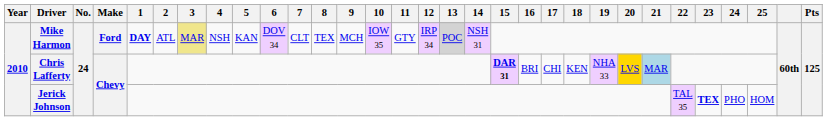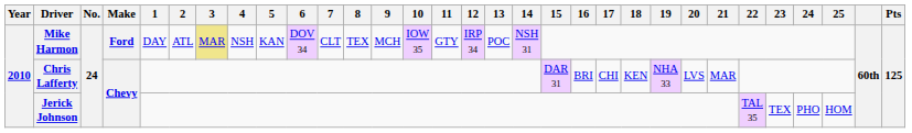 <table class="wikitable" style="text-align:center; font-size:75%">
 <tr>
 <th>Year</th>
 <th>Driver</th>
 <th>No.</th>
 <th>Make</th>
 <th>1</th>
 <th>2</th>
 <th>3</th>
 <th>4</th>
 <th>5</th>
 <th>6</th>
 <th>7</th>
 <th>8</th>
 <th>9</th>
 <th>10</th>
 <th>11</th>
 <th>12</th>
 <th>13</th>
 <th>14</th>
 <th>15</th>
 <th>16</th>
 <th>17</th>
 <th>18</th>
 <th>19</th>
 <th>20</th>
 <th>21</th>
 <th>22</th>
 <th>23</th>
 <th>24</th>
 <th>25</th>
 <th></th>
 <th>Pts</th>
 </tr>
 <tr>
 <th rowspan=3><a href='#'>2010</a></th>
 <th><a href='#'>Mike Harmon</a></th>
 <th rowspan=3>24</th>
 <th><a href='#'>Ford</a></th>
-<td><strong><a href='#'>DAY</a></strong></td>
+<td><a href='#'>DAY</a></td>
 <td><a href='#'>ATL</a></td>
 <td style="background: khaki;"><a href='#'>MAR</a></td>
 <td><a href='#'>NSH</a></td>
 <td><a href='#'>KAN</a></td>
 <td style="background:#EFCFFF;"><a href='#'>DOV</a><br><small>34</small></td>
 <td><a href='#'>CLT</a></td>
 <td><a href='#'>TEX</a></td>
 <td><a href='#'>MCH</a></td>
 <td style="background:#EFCFFF;"><a href='#'>IOW</a><br><small>35</small></td>
 <td><a href='#'>GTY</a></td>
 <td style="background:#EFCFFF;"><a href='#'>IRP</a><br><small>34</small></td>
-<td style="background: lightgrey;"><a href='#'>POC</a></td>
+<td><a href='#'>POC</a></td>
 <td style="background:#EFCFFF;"><a href='#'>NSH</a><br><small>31</small></td>
 <td colspan=11></td>
 <th rowspan=3>60th</th>
 <th rowspan=3>125</th>
 </tr>
 <tr>
 <th><a href='#'>Chris Lafferty</a></th>
 <th rowspan=2><a href='#'>Chevy</a></th>
 <td colspan=14></td>
-<td style="background:#EFCFFF;"><strong><a href='#'>DAR</a><br><small>31</small></strong></td>
+<td style="background:#EFCFFF;"><a href='#'>DAR</a><br><small>31</small></td>
 <td><a href='#'>BRI</a></td>
 <td><a href='#'>CHI</a></td>
 <td><a href='#'>KEN</a></td>
 <td style="background:#EFCFFF;"><a href='#'>NHA</a><br><small>33</small></td>
-<td style="background: gold;"><a href='#'>LVS</a></td>
-<td style="background: lightblue;"><a href='#'>MAR</a></td>
+<td><a href='#'>LVS</a></td>
+<td><a href='#'>MAR</a></td>
 <td colspan=4></td>
 </tr>
 <tr>
 <th><a href='#'>Jerick Johnson</a></th>
 <td colspan=21></td>
 <td style="background:#EFCFFF;"><a href='#'>TAL</a><br><small>35</small></td>
-<td><strong><a href='#'>TEX</a></strong></td>
+<td><a href='#'>TEX</a></td>
 <td><a href='#'>PHO</a></td>
 <td><a href='#'>HOM</a></td>
 </tr>
 </table>
